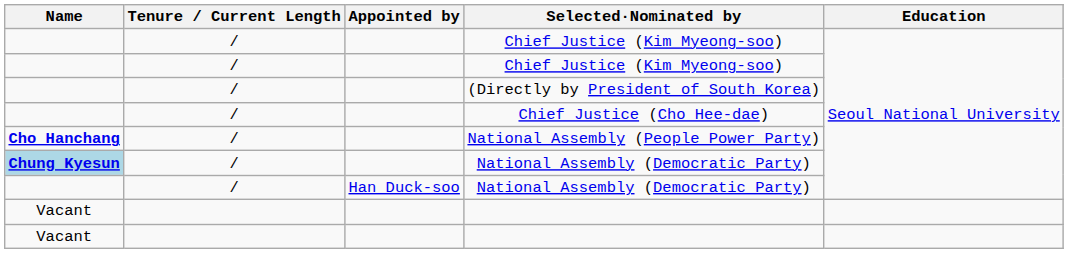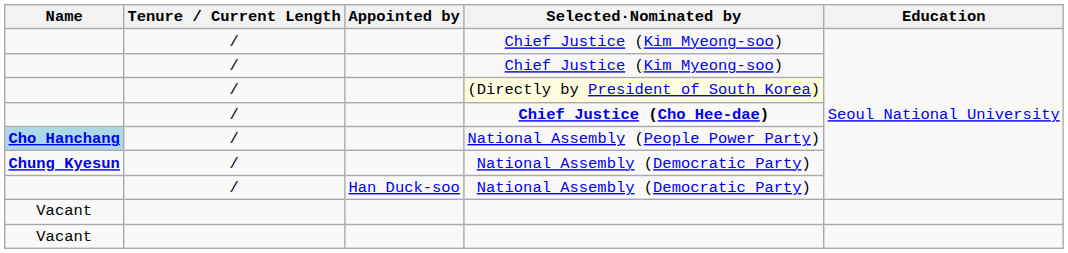 <table class="wikitable sortable" style="font-size:85%; text-align:center">
 <tr>
 <th>Name</th>
 <th>Tenure / Current Length</th>
 <th>Appointed by</th>
 <th>Selected·Nominated by</th>
 <th>Education</th>
 </tr>
 <tr>
 <td><strong></strong></td>
 <td> / </td>
 <td></td>
 <td><a href='#'>Chief Justice</a> (<a href='#'>Kim Myeong-soo</a>)</td>
 <td rowspan="7"><a href='#'>Seoul National University</a></td>
 </tr>
 <tr>
 <td><strong></strong></td>
 <td> / </td>
 <td></td>
 <td><a href='#'>Chief Justice</a> (<a href='#'>Kim Myeong-soo</a>)</td>
 </tr>
 <tr>
 <td><strong></strong></td>
 <td> / </td>
 <td></td>
-<td>(Directly by <a href='#'>President of South Korea</a>)</td>
+<td style="background: lightyellow;">(Directly by <a href='#'>President of South Korea</a>)</td>
 </tr>
 <tr>
 <td><strong></strong></td>
 <td> / </td>
 <td></td>
-<td><a href='#'>Chief Justice</a> (<a href='#'>Cho Hee-dae</a>)</td>
+<td><strong><a href='#'>Chief Justice</a> (<a href='#'>Cho Hee-dae</a>)</strong></td>
 </tr>
 <tr>
-<td><strong><a href='#'>Cho Hanchang</a></strong></td>
+<td style="background: lightblue;"><strong><a href='#'>Cho Hanchang</a></strong></td>
 <td> / </td>
 <td></td>
 <td><a href='#'>National Assembly</a> (<a href='#'>People Power Party</a>)</td>
 </tr>
 <tr>
-<td style="background: lightblue;"><strong><a href='#'>Chung Kyesun</a></strong></td>
+<td><strong><a href='#'>Chung Kyesun</a></strong></td>
 <td> / </td>
 <td></td>
 <td><a href='#'>National Assembly</a> (<a href='#'>Democratic Party</a>)</td>
 </tr>
 <tr>
 <td></td>
 <td> / </td>
 <td><a href='#'>Han Duck-soo</a></td>
 <td><a href='#'>National Assembly</a> (<a href='#'>Democratic Party</a>)</td>
 </tr>
 <tr>
 <td>Vacant</td>
 <td></td>
 <td></td>
 <td></td>
 <td></td>
 </tr>
 <tr>
 <td>Vacant</td>
 <td></td>
 <td></td>
 <td></td>
 <td></td>
 </tr>
 </table>
